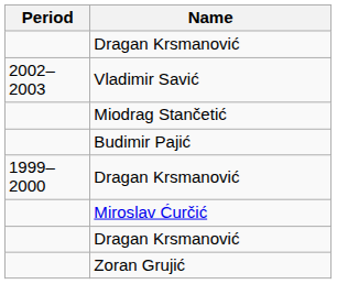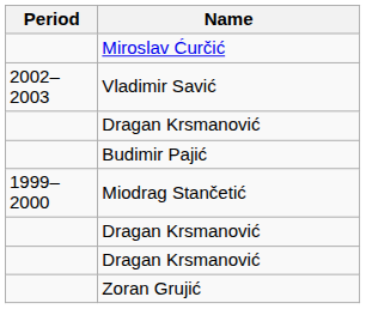 <table class="wikitable">
 <tr>
 <th width="75">Period</th>
 <th width="225">Name</th>
 </tr>
 <tr>
 <td></td>
-<td> Dragan Krsmanović</td>
+<td> <a href='#'>Miroslav Ćurčić</a></td>
 </tr>
 <tr>
 <td>2002–2003</td>
 <td> Vladimir Savić</td>
 </tr>
 <tr>
 <td></td>
-<td> Miodrag Stančetić</td>
+<td> Dragan Krsmanović</td>
 </tr>
 <tr>
 <td></td>
 <td> Budimir Pajić</td>
 </tr>
 <tr>
 <td>1999–2000</td>
-<td> Dragan Krsmanović</td>
+<td> Miodrag Stančetić</td>
 </tr>
 <tr>
 <td></td>
-<td> <a href='#'>Miroslav Ćurčić</a></td>
+<td> Dragan Krsmanović</td>
 </tr>
 <tr>
 <td></td>
 <td> Dragan Krsmanović</td>
 </tr>
 <tr>
 <td></td>
 <td> Zoran Grujić</td>
 </tr>
 </table>
